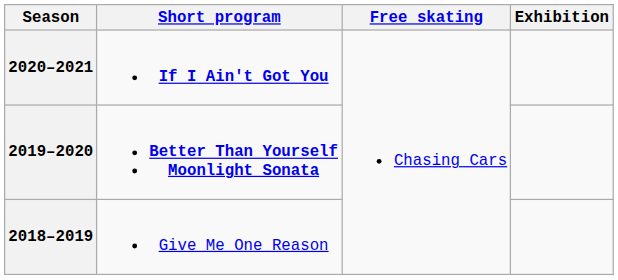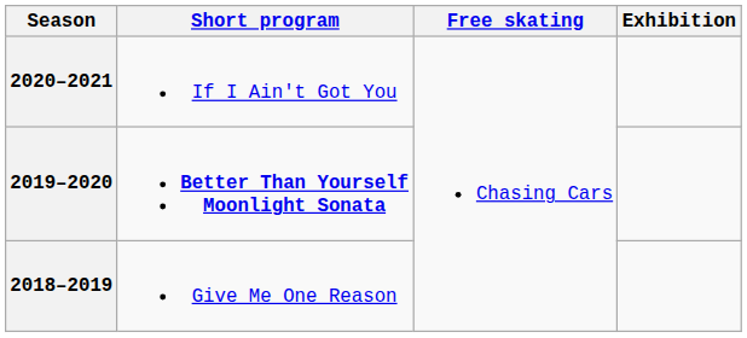 <table class=wikitable style=text-align:center>
 <tr>
 <th>Season</th>
 <th><a href='#'>Short program</a></th>
 <th><a href='#'>Free skating</a></th>
 <th>Exhibition</th>
 </tr>
 <tr>
 <th>2020–2021 <br> </th>
-<td><strong><br><ul><li><a href='#'>If I Ain't Got You</a> <br> </li></ul></strong></td>
+<td><br><ul><li><a href='#'>If I Ain't Got You</a> <br> </li></ul></td>
 <td rowspan=3><br><ul><li><a href='#'>Chasing Cars</a> <br> </li></ul></td>
 <td></td>
 </tr>
 <tr>
 <th>2019–2020 <br> </th>
 <td><strong><br><ul><li><a href='#'>Better Than Yourself</a> <br> </li><li><a href='#'>Moonlight Sonata</a> <br> </li></ul></strong></td>
 <td></td>
 </tr>
 <tr>
 <th>2018–2019 <br> </th>
 <td><br><ul><li><a href='#'>Give Me One Reason</a> <br> </li></ul></td>
 <td></td>
 </tr>
 </table>
